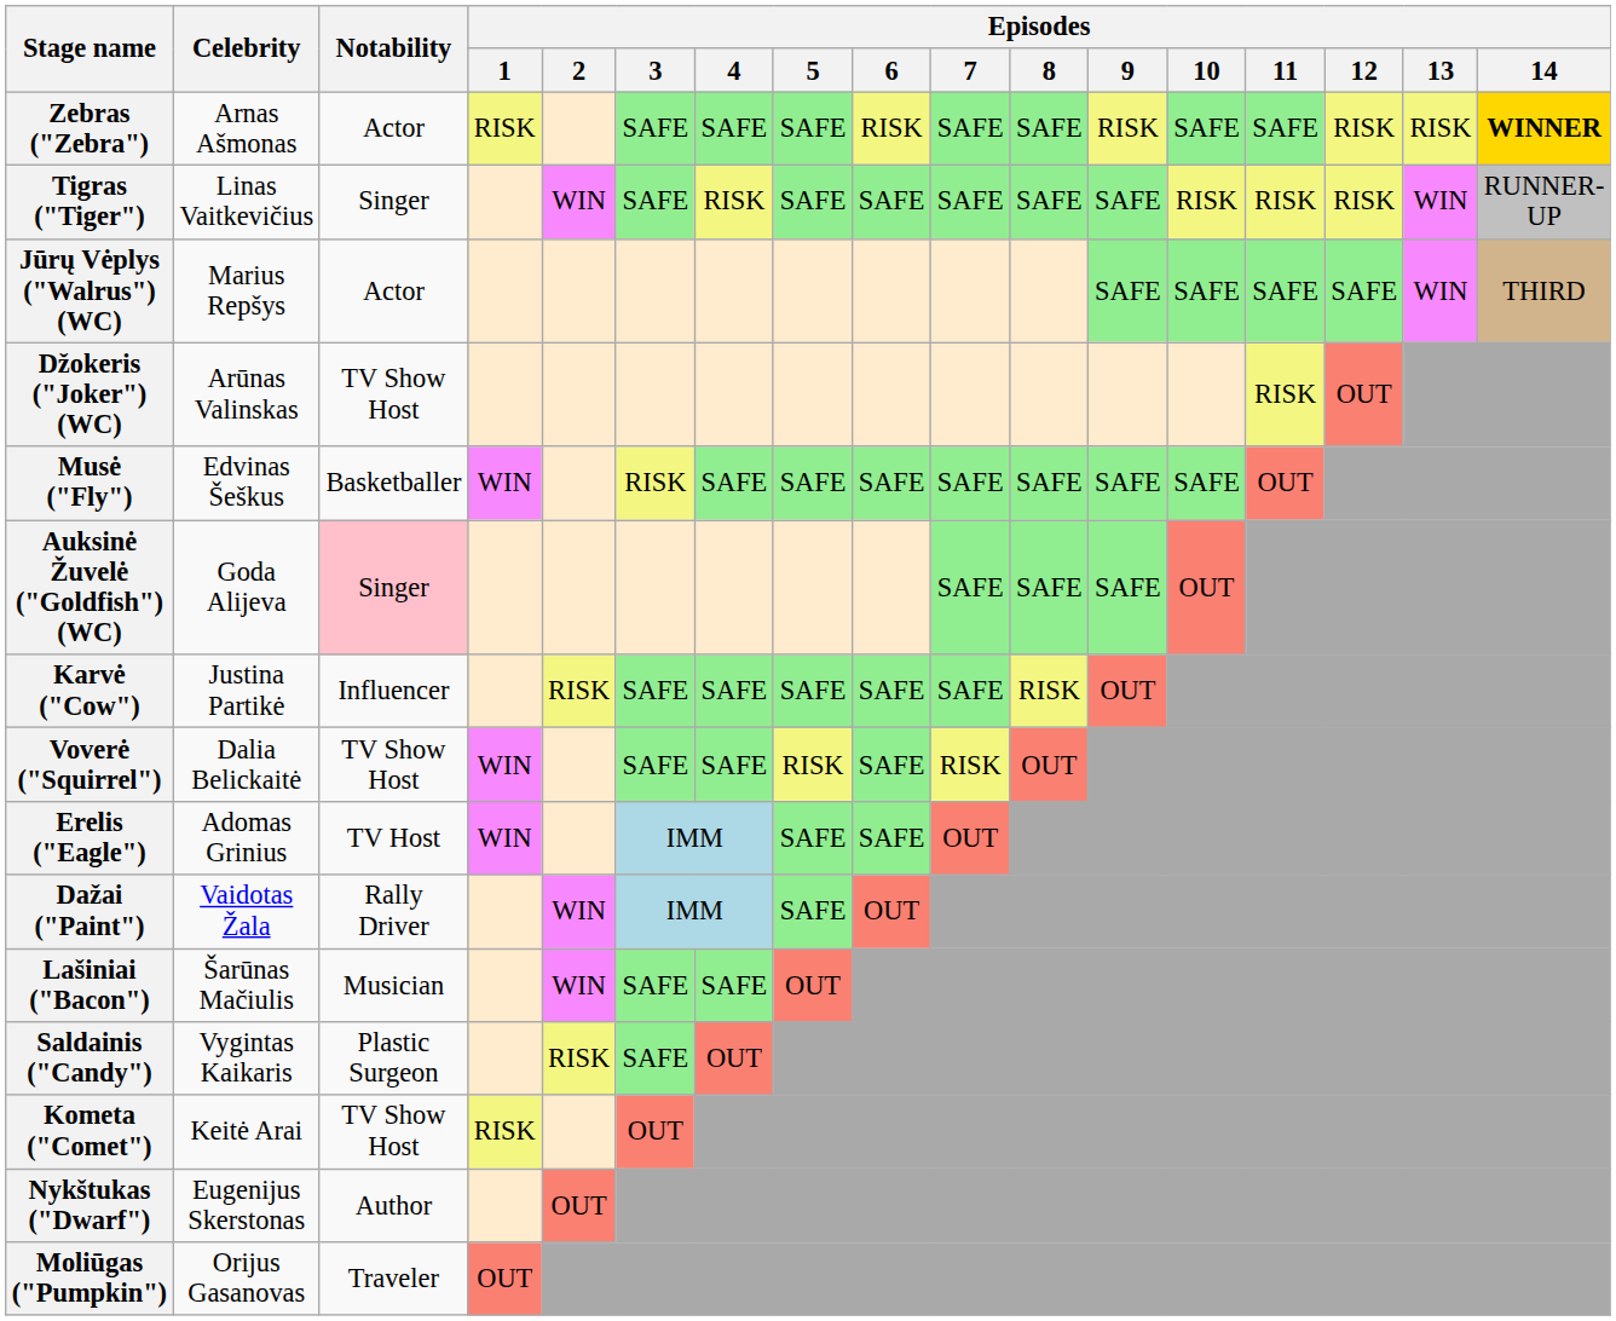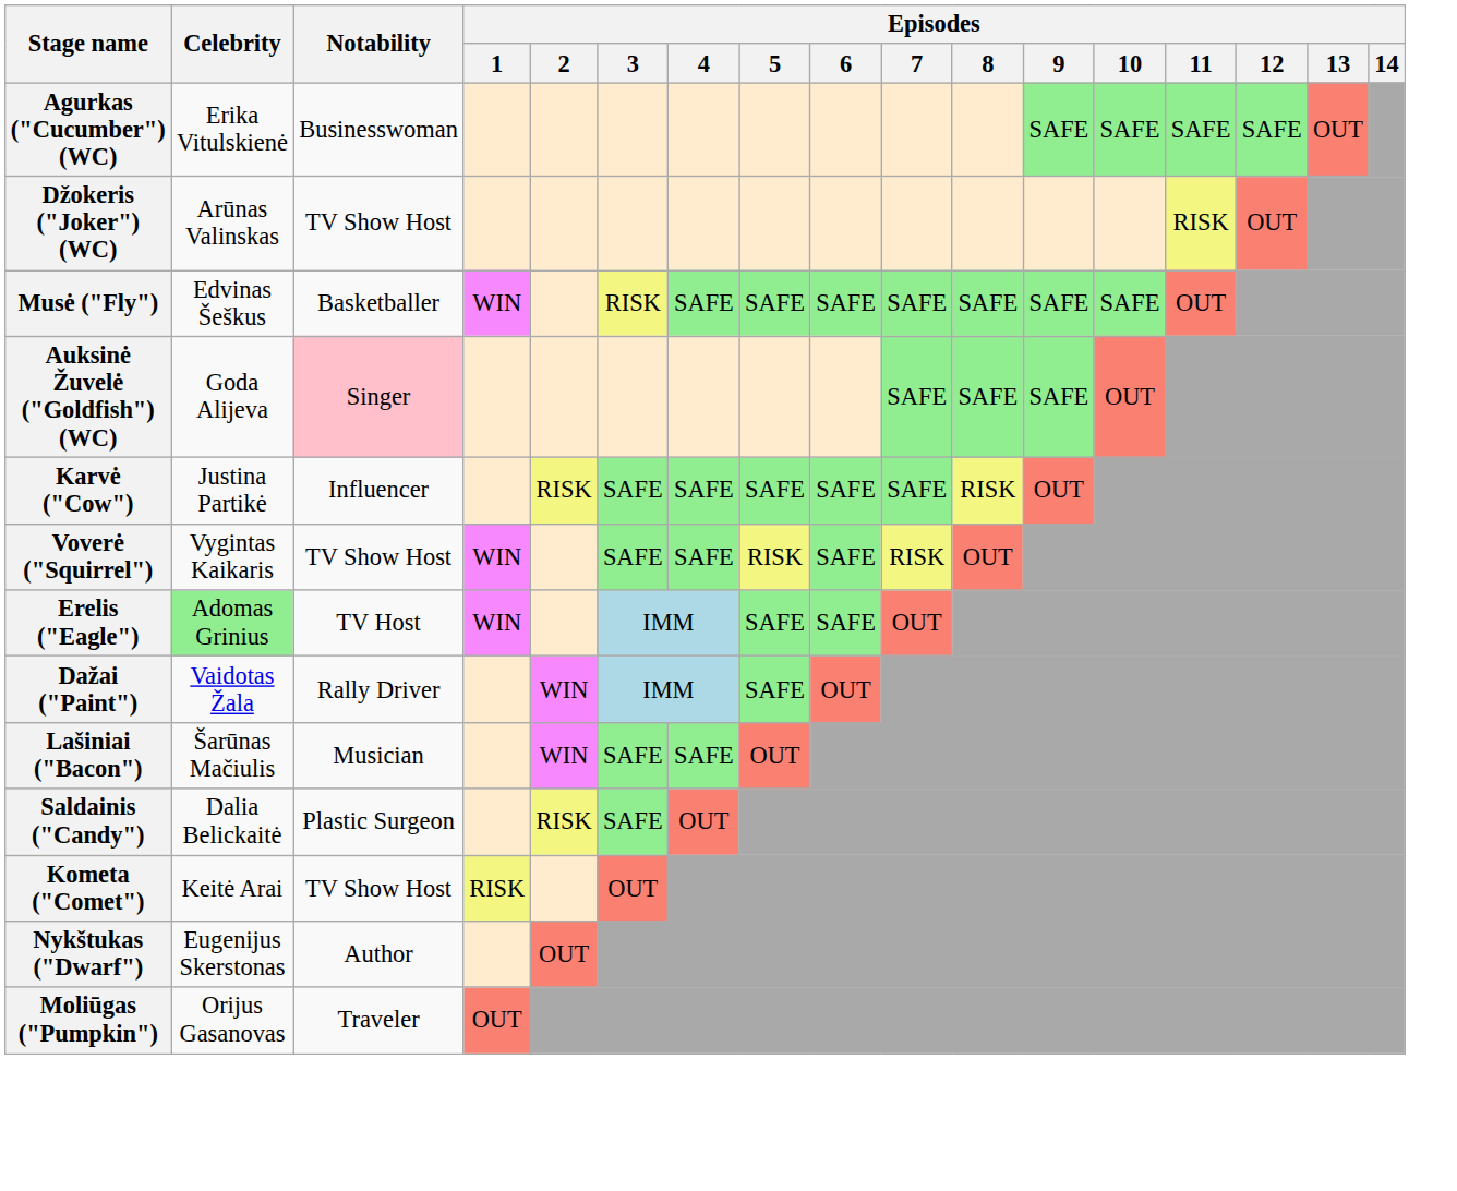 <table class="wikitable" style="text-align:center; ">
 <tr>
 <th rowspan="2">Stage name</th>
 <th rowspan="2">Celebrity</th>
 <th rowspan="2">Notability</th>
 <th colspan="14">Episodes</th>
 </tr>
 <tr>
 <th>1</th>
 <th>2</th>
 <th>3</th>
 <th>4</th>
 <th>5</th>
 <th>6</th>
 <th>7</th>
 <th>8</th>
 <th>9</th>
 <th>10</th>
 <th>11</th>
 <th>12</th>
 <th>13</th>
 <th>14</th>
 </tr>
 <tr>
-<th>Zebras ("Zebra")</th>
-<td>Arnas Ašmonas</td>
-<td>Actor</td>
-<td bgcolor="#F3F781">RISK</td>
-<td bgcolor="#FFEBCD"></td>
-<td bgcolor="lightgreen">SAFE</td>
-<td bgcolor="lightgreen">SAFE</td>
-<td bgcolor="lightgreen">SAFE</td>
-<td bgcolor="#F3F781">RISK</td>
-<td bgcolor="lightgreen">SAFE</td>
-<td bgcolor="lightgreen">SAFE</td>
-<td bgcolor="#F3F781">RISK</td>
-<td bgcolor="lightgreen">SAFE</td>
-<td bgcolor="lightgreen">SAFE</td>
-<td bgcolor="#F3F781">RISK</td>
-<td bgcolor="#F3F781">RISK</td>
-<td bgcolor=gold><strong>WINNER</strong></td>
-</tr>
-<tr>
-<th>Tigras ("Tiger")</th>
-<td>Linas Vaitkevičius</td>
-<td>Singer</td>
-<td bgcolor="#FFEBCD"></td>
-<td bgcolor=#F888FD>WIN</td>
-<td bgcolor="lightgreen">SAFE</td>
-<td bgcolor="#F3F781">RISK</td>
-<td bgcolor="lightgreen">SAFE</td>
-<td bgcolor="lightgreen">SAFE</td>
-<td bgcolor="lightgreen">SAFE</td>
-<td bgcolor="lightgreen">SAFE</td>
-<td bgcolor="lightgreen">SAFE</td>
-<td bgcolor="#F3F781">RISK</td>
-<td bgcolor="#F3F781">RISK</td>
-<td bgcolor="#F3F781">RISK</td>
-<td bgcolor=#F888FD>WIN</td>
-<td bgcolor=silver>RUNNER-UP</td>
-</tr>
-<tr>
-<th>Jūrų Vėplys ("Walrus") (WC)</th>
-<td>Marius Repšys</td>
-<td>Actor</td>
+<th>Agurkas ("Cucumber") (WC)</th>
+<td>Erika Vitulskienė</td>
+<td>Businesswoman</td>
 <td bgcolor="#FFEBCD"></td>
 <td bgcolor="#FFEBCD"></td>
 <td bgcolor="#FFEBCD"></td>
 <td bgcolor="#FFEBCD"></td>
 <td bgcolor="#FFEBCD"></td>
 <td bgcolor="#FFEBCD"></td>
 <td bgcolor="#FFEBCD"></td>
 <td bgcolor="#FFEBCD"></td>
 <td bgcolor="lightgreen">SAFE</td>
 <td bgcolor="lightgreen">SAFE</td>
 <td bgcolor="lightgreen">SAFE</td>
 <td bgcolor="lightgreen">SAFE</td>
-<td bgcolor=#F888FD>WIN</td>
-<td style="width:10%;background:tan;">THIRD</td>
+<td bgcolor="salmon">OUT</td>
+<td colspan="1" bgcolor=darkgrey></td>
 </tr>
 <tr>
 <th>Džokeris ("Joker") (WC)</th>
 <td>Arūnas Valinskas</td>
 <td>TV Show Host</td>
 <td bgcolor="#FFEBCD"></td>
 <td bgcolor="#FFEBCD"></td>
 <td bgcolor="#FFEBCD"></td>
 <td bgcolor="#FFEBCD"></td>
 <td bgcolor="#FFEBCD"></td>
 <td bgcolor="#FFEBCD"></td>
 <td bgcolor="#FFEBCD"></td>
 <td bgcolor="#FFEBCD"></td>
 <td bgcolor="#FFEBCD"></td>
 <td bgcolor="#FFEBCD"></td>
 <td bgcolor="#F3F781">RISK</td>
 <td bgcolor="salmon">OUT</td>
 <td colspan="2" bgcolor=darkgrey></td>
 </tr>
 <tr>
 <th>Musė ("Fly")</th>
 <td>Edvinas Šeškus</td>
 <td>Basketballer</td>
 <td bgcolor=#F888FD>WIN</td>
 <td bgcolor="#FFEBCD"></td>
 <td bgcolor="#F3F781">RISK</td>
 <td bgcolor="lightgreen">SAFE</td>
 <td bgcolor="lightgreen">SAFE</td>
 <td bgcolor="lightgreen">SAFE</td>
 <td bgcolor="lightgreen">SAFE</td>
 <td bgcolor="lightgreen">SAFE</td>
 <td bgcolor="lightgreen">SAFE</td>
 <td bgcolor="lightgreen">SAFE</td>
 <td bgcolor="salmon">OUT</td>
 <td colspan="3" bgcolor=darkgrey></td>
 </tr>
 <tr>
 <th>Auksinė Žuvelė ("Goldfish") (WC)</th>
 <td>Goda Alijeva</td>
 <td style="background: pink;">Singer</td>
 <td bgcolor="#FFEBCD"></td>
 <td bgcolor="#FFEBCD"></td>
 <td bgcolor="#FFEBCD"></td>
 <td bgcolor="#FFEBCD"></td>
 <td bgcolor="#FFEBCD"></td>
 <td bgcolor="#FFEBCD"></td>
 <td bgcolor="lightgreen">SAFE</td>
 <td bgcolor="lightgreen">SAFE</td>
 <td bgcolor="lightgreen">SAFE</td>
 <td bgcolor="salmon">OUT</td>
 <td colspan="4" bgcolor=darkgrey></td>
 </tr>
 <tr>
 <th>Karvė ("Cow")</th>
 <td>Justina Partikė</td>
 <td>Influencer</td>
 <td bgcolor="#FFEBCD"></td>
 <td bgcolor="#F3F781">RISK</td>
 <td bgcolor="lightgreen">SAFE</td>
 <td bgcolor="lightgreen">SAFE</td>
 <td bgcolor="lightgreen">SAFE</td>
 <td bgcolor="lightgreen">SAFE</td>
 <td bgcolor="lightgreen">SAFE</td>
 <td bgcolor="#F3F781">RISK</td>
 <td bgcolor="salmon">OUT</td>
 <td colspan="5" bgcolor=darkgrey></td>
 </tr>
 <tr>
 <th>Voverė ("Squirrel")</th>
-<td>Dalia Belickaitė</td>
+<td>Vygintas Kaikaris</td>
 <td>TV Show Host</td>
 <td bgcolor=#F888FD>WIN</td>
 <td bgcolor="#FFEBCD"></td>
 <td bgcolor="lightgreen">SAFE</td>
 <td bgcolor="lightgreen">SAFE</td>
 <td bgcolor="#F3F781">RISK</td>
 <td bgcolor="lightgreen">SAFE</td>
 <td bgcolor="#F3F781">RISK</td>
 <td bgcolor="salmon">OUT</td>
 <td colspan="6" bgcolor=darkgrey></td>
 </tr>
 <tr>
 <th>Erelis ("Eagle")</th>
-<td>Adomas Grinius</td>
+<td style="background: lightgreen;">Adomas Grinius</td>
 <td>TV Host</td>
 <td bgcolor=#F888FD>WIN</td>
 <td bgcolor="#FFEBCD"></td>
 <td colspan="2" bgcolor="lightblue">IMM</td>
 <td bgcolor="lightgreen">SAFE</td>
 <td bgcolor="lightgreen">SAFE</td>
 <td bgcolor="salmon">OUT</td>
 <td colspan="7" bgcolor=darkgrey></td>
 </tr>
 <tr>
 <th>Dažai ("Paint")</th>
 <td><a href='#'>Vaidotas Žala</a></td>
 <td>Rally Driver</td>
 <td bgcolor="#FFEBCD"></td>
 <td bgcolor=#F888FD>WIN</td>
 <td colspan="2" bgcolor="lightblue">IMM</td>
 <td bgcolor="lightgreen">SAFE</td>
 <td bgcolor="salmon">OUT</td>
 <td colspan="8" bgcolor=darkgrey></td>
 </tr>
 <tr>
 <th>Lašiniai ("Bacon")</th>
 <td>Šarūnas Mačiulis</td>
 <td>Musician</td>
 <td bgcolor="#FFEBCD"></td>
 <td bgcolor=#F888FD>WIN</td>
 <td bgcolor="lightgreen">SAFE</td>
 <td bgcolor="lightgreen">SAFE</td>
 <td bgcolor="salmon">OUT</td>
 <td colspan="9" bgcolor=darkgrey></td>
 </tr>
 <tr>
 <th>Saldainis ("Candy")</th>
-<td>Vygintas Kaikaris</td>
+<td>Dalia Belickaitė</td>
 <td>Plastic Surgeon</td>
 <td bgcolor="#FFEBCD"></td>
 <td bgcolor="#F3F781">RISK</td>
 <td bgcolor="lightgreen">SAFE</td>
 <td bgcolor="salmon">OUT</td>
 <td colspan="10" bgcolor=darkgrey></td>
 </tr>
 <tr>
 <th>Kometa ("Comet")</th>
 <td>Keitė Arai</td>
 <td>TV Show Host</td>
 <td bgcolor="#F3F781">RISK</td>
 <td bgcolor="#FFEBCD"></td>
 <td bgcolor="salmon">OUT</td>
 <td colspan="11" bgcolor=darkgrey></td>
 </tr>
 <tr>
 <th>Nykštukas ("Dwarf")</th>
 <td>Eugenijus Skerstonas</td>
 <td>Author</td>
 <td bgcolor="#FFEBCD"></td>
 <td bgcolor="salmon">OUT</td>
 <td colspan="12" bgcolor=darkgrey></td>
 </tr>
 <tr>
 <th>Moliūgas ("Pumpkin")</th>
 <td>Orijus Gasanovas</td>
 <td>Traveler</td>
 <td bgcolor="salmon">OUT</td>
 <td colspan="13" bgcolor=darkgrey></td>
 </tr>
 </table>
